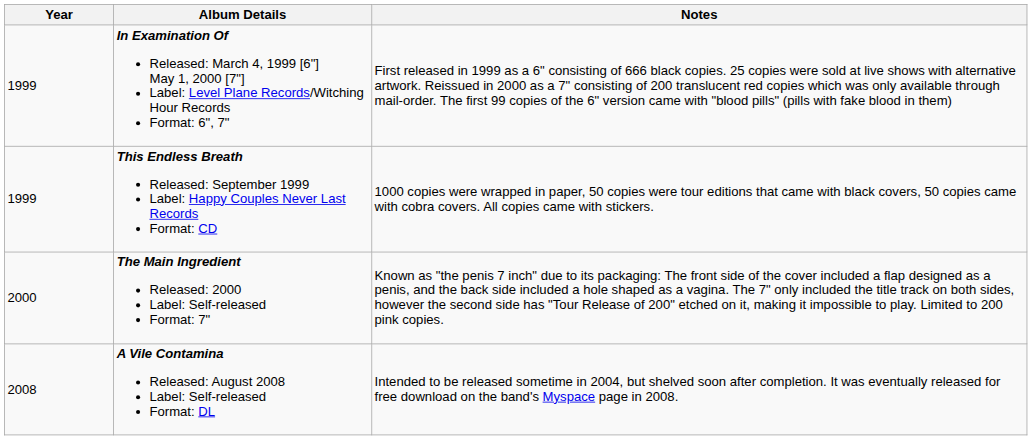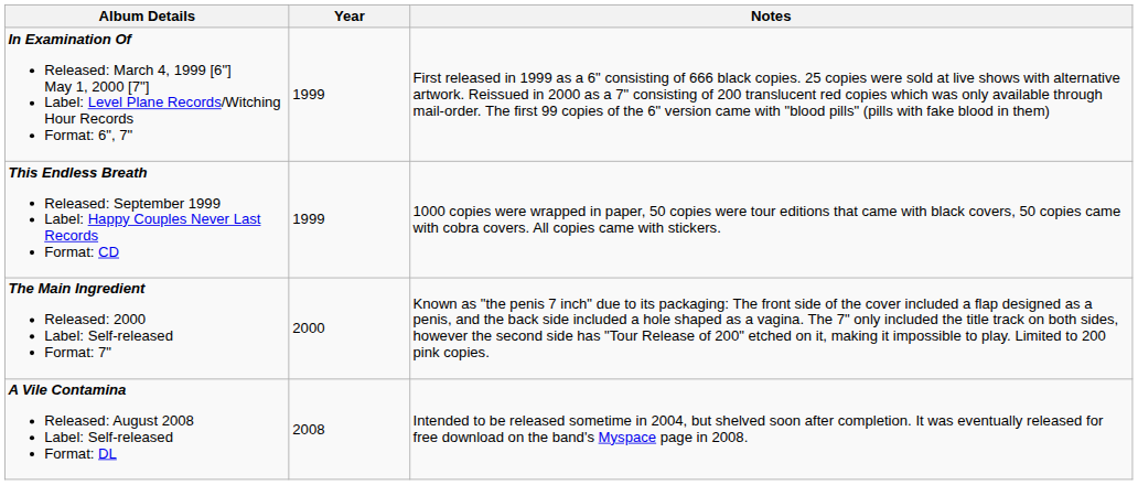 <table class ="wikitable">
 <tr>
+<th style="width:10%">Album Details</th>
 <th style="width: 5%">Year</th>
-<th style="width:10%">Album Details</th>
 <th style="width:30%">Notes</th>
 </tr>
 <tr>
+<td><strong><em>In Examination Of</em></strong><br><ul><li>Released: March 4, 1999 [6"] <br> May 1, 2000 [7"]</li><li>Label: <a href='#'>Level Plane Records</a>/Witching Hour Records</li><li>Format: 6", 7"</li></ul></td>
 <td>1999</td>
-<td><strong><em>In Examination Of</em></strong><br><ul><li>Released: March 4, 1999 [6"] <br> May 1, 2000 [7"]</li><li>Label: <a href='#'>Level Plane Records</a>/Witching Hour Records</li><li>Format: 6", 7"</li></ul></td>
 <td>First released in 1999 as a 6" consisting of 666 black copies. 25 copies were sold at live shows with alternative artwork. Reissued in 2000 as a 7" consisting of 200 translucent red copies which was only available through mail-order. The first 99 copies of the 6" version came with "blood pills" (pills with fake blood in them)</td>
 </tr>
 <tr>
+<td><strong><em>This Endless Breath</em></strong><br><ul><li>Released: September 1999</li><li>Label: <a href='#'>Happy Couples Never Last Records</a></li><li>Format: <a href='#'>CD</a></li></ul></td>
 <td>1999</td>
-<td><strong><em>This Endless Breath</em></strong><br><ul><li>Released: September 1999</li><li>Label: <a href='#'>Happy Couples Never Last Records</a></li><li>Format: <a href='#'>CD</a></li></ul></td>
 <td>1000 copies were wrapped in paper, 50 copies were tour editions that came with black covers, 50 copies came with cobra covers. All copies came with stickers.</td>
 </tr>
 <tr>
+<td><strong><em>The Main Ingredient</em></strong><br><ul><li>Released: 2000</li><li>Label: Self-released</li><li>Format: 7"</li></ul></td>
 <td>2000</td>
-<td><strong><em>The Main Ingredient</em></strong><br><ul><li>Released: 2000</li><li>Label: Self-released</li><li>Format: 7"</li></ul></td>
 <td>Known as "the penis 7 inch" due to its packaging: The front side of the cover included a flap designed as a penis, and the back side included a hole shaped as a vagina. The 7" only included the title track on both sides, however the second side has "Tour Release of 200" etched on it, making it impossible to play. Limited to 200 pink copies.</td>
 </tr>
 <tr>
+<td><strong><em>A Vile Contamina</em></strong><br><ul><li>Released: August 2008</li><li>Label: Self-released</li><li>Format: <a href='#'>DL</a></li></ul></td>
 <td>2008</td>
-<td><strong><em>A Vile Contamina</em></strong><br><ul><li>Released: August 2008</li><li>Label: Self-released</li><li>Format: <a href='#'>DL</a></li></ul></td>
 <td>Intended to be released sometime in 2004, but shelved soon after completion. It was eventually released for free download on the band's <a href='#'>Myspace</a> page in 2008.</td>
 </tr>
 </table>
